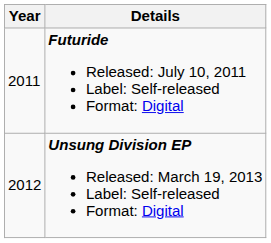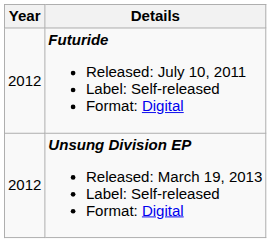 <table class="wikitable">
 <tr>
 <th>Year</th>
 <th>Details</th>
 </tr>
 <tr>
-<td>2011</td>
+<td>2012</td>
 <td><strong><em>Futuride</em></strong><br><ul><li>Released: July 10, 2011</li><li>Label: Self-released</li><li>Format: <a href='#'>Digital</a></li></ul></td>
 </tr>
 <tr>
 <td>2012</td>
 <td><strong><em>Unsung Division EP</em></strong><br><ul><li>Released: March 19, 2013</li><li>Label: Self-released</li><li>Format: <a href='#'>Digital</a></li></ul></td>
 </tr>
 </table>
